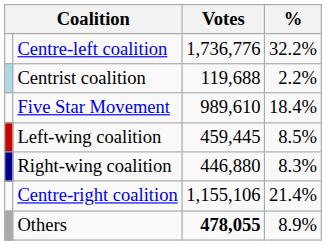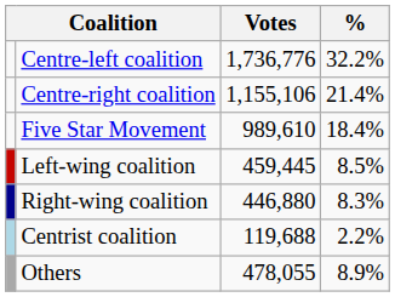 <table class=wikitable style=text-align:left>
 <tr>
 <th colspan="2" style="text-align:center;">Coalition</th>
 <th valign=top>Votes</th>
 <th valign=top>%</th>
 </tr>
 <tr>
 <td style="color:inherit;background:"></td>
 <td><a href='#'>Centre-left coalition</a></td>
 <td align=right>1,736,776</td>
 <td align=right>32.2%</td>
 </tr>
 <tr>
-<td style="color:inherit;background:lightblue;"></td>
-<td>Centrist coalition</td>
-<td align=right>119,688</td>
-<td align=right>2.2%</td>
+<td style="color:inherit;background:"></td>
+<td><a href='#'>Centre-right coalition</a></td>
+<td align=right>1,155,106</td>
+<td align=right>21.4%</td>
 </tr>
 <tr>
 <td style="color:inherit;background:"></td>
 <td><a href='#'>Five Star Movement</a></td>
 <td align=right>989,610</td>
 <td align=right>18.4%</td>
 </tr>
 <tr>
 <td style="color:inherit;background:#c60400;"></td>
 <td>Left-wing coalition</td>
 <td align=right>459,445</td>
 <td align=right>8.5%</td>
 </tr>
 <tr>
 <td style="color:inherit;background:darkblue;"></td>
 <td>Right-wing coalition</td>
 <td align=right>446,880</td>
 <td align=right>8.3%</td>
 </tr>
 <tr>
-<td style="color:inherit;background:"></td>
-<td><a href='#'>Centre-right coalition</a></td>
-<td align=right>1,155,106</td>
-<td align=right>21.4%</td>
+<td style="color:inherit;background:lightblue;"></td>
+<td>Centrist coalition</td>
+<td align=right>119,688</td>
+<td align=right>2.2%</td>
 </tr>
 <tr>
 <td style="color:inherit;background:darkgrey;"></td>
 <td>Others</td>
-<td align=right><strong>478,055</strong></td>
+<td align=right>478,055</td>
 <td align=right>8.9%</td>
 </tr>
 </table>
